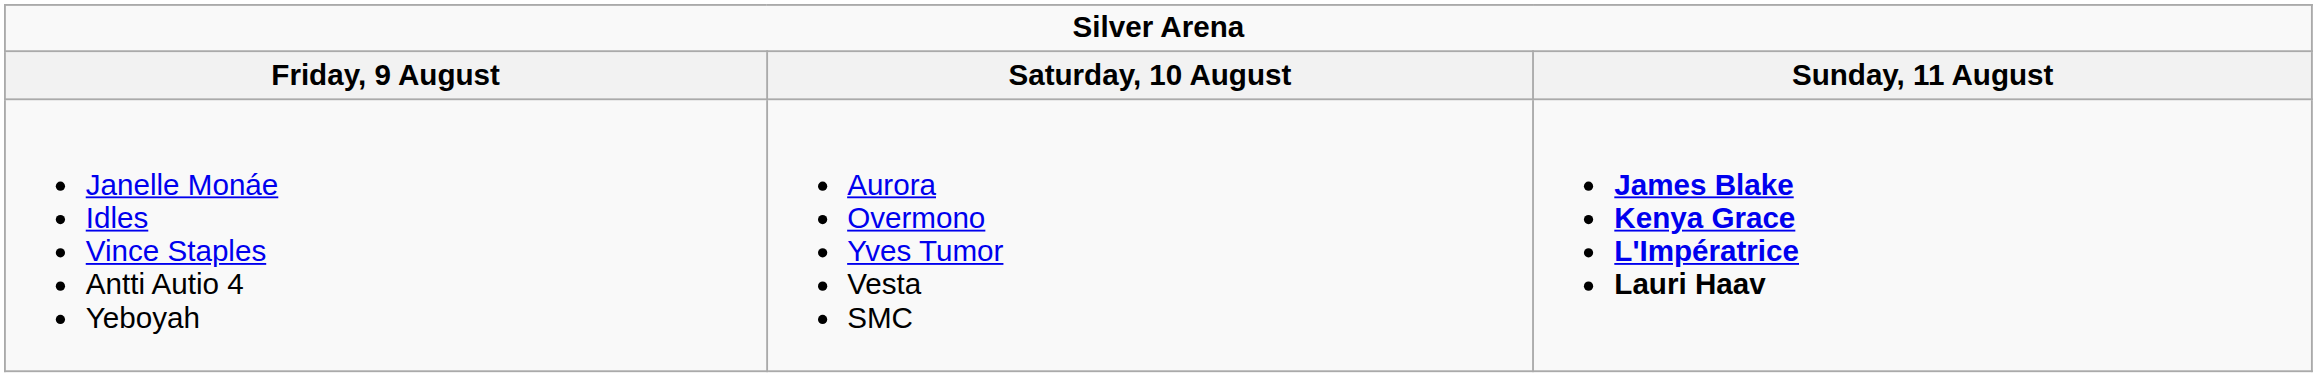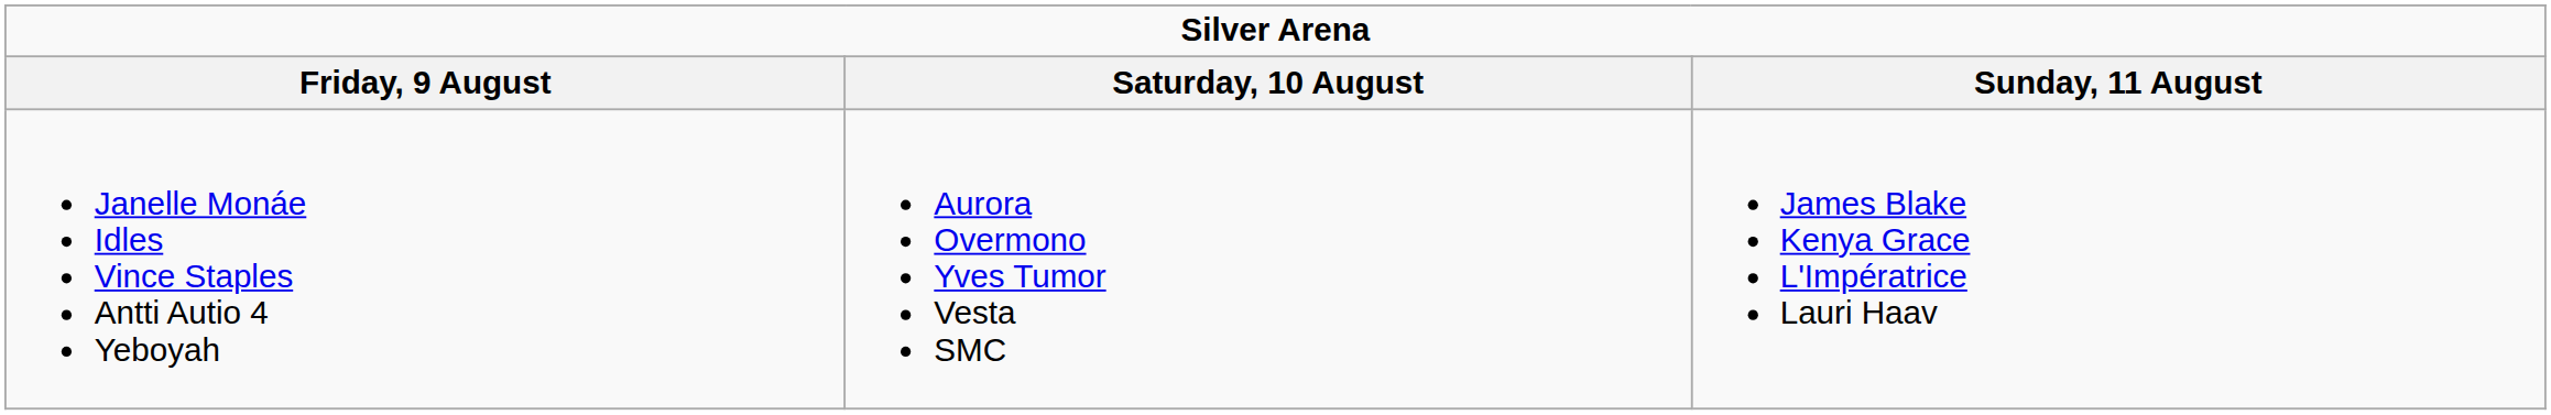 <table class="wikitable">
 <tr>
 <td colspan="4" align="center"><strong>Silver Arena</strong></td>
 </tr>
 <tr>
 <th width="500">Friday, 9 August</th>
 <th width="500">Saturday, 10 August</th>
 <th width="500">Sunday, 11 August</th>
 </tr>
 <tr valign="top">
 <td><br><ul><li><a href='#'>Janelle Monáe</a></li><li><a href='#'>Idles</a></li><li><a href='#'>Vince Staples</a></li><li>Antti Autio 4</li><li>Yeboyah</li></ul></td>
 <td><br><ul><li><a href='#'>Aurora</a></li><li><a href='#'>Overmono</a></li><li><a href='#'>Yves Tumor</a></li><li>Vesta</li><li>SMC</li></ul></td>
-<td><strong><br><ul><li><a href='#'>James Blake</a></li><li><a href='#'>Kenya Grace</a></li><li><a href='#'>L'Impératrice</a></li><li>Lauri Haav</li></ul></strong></td>
+<td><br><ul><li><a href='#'>James Blake</a></li><li><a href='#'>Kenya Grace</a></li><li><a href='#'>L'Impératrice</a></li><li>Lauri Haav</li></ul></td>
 </tr>
 </table>
